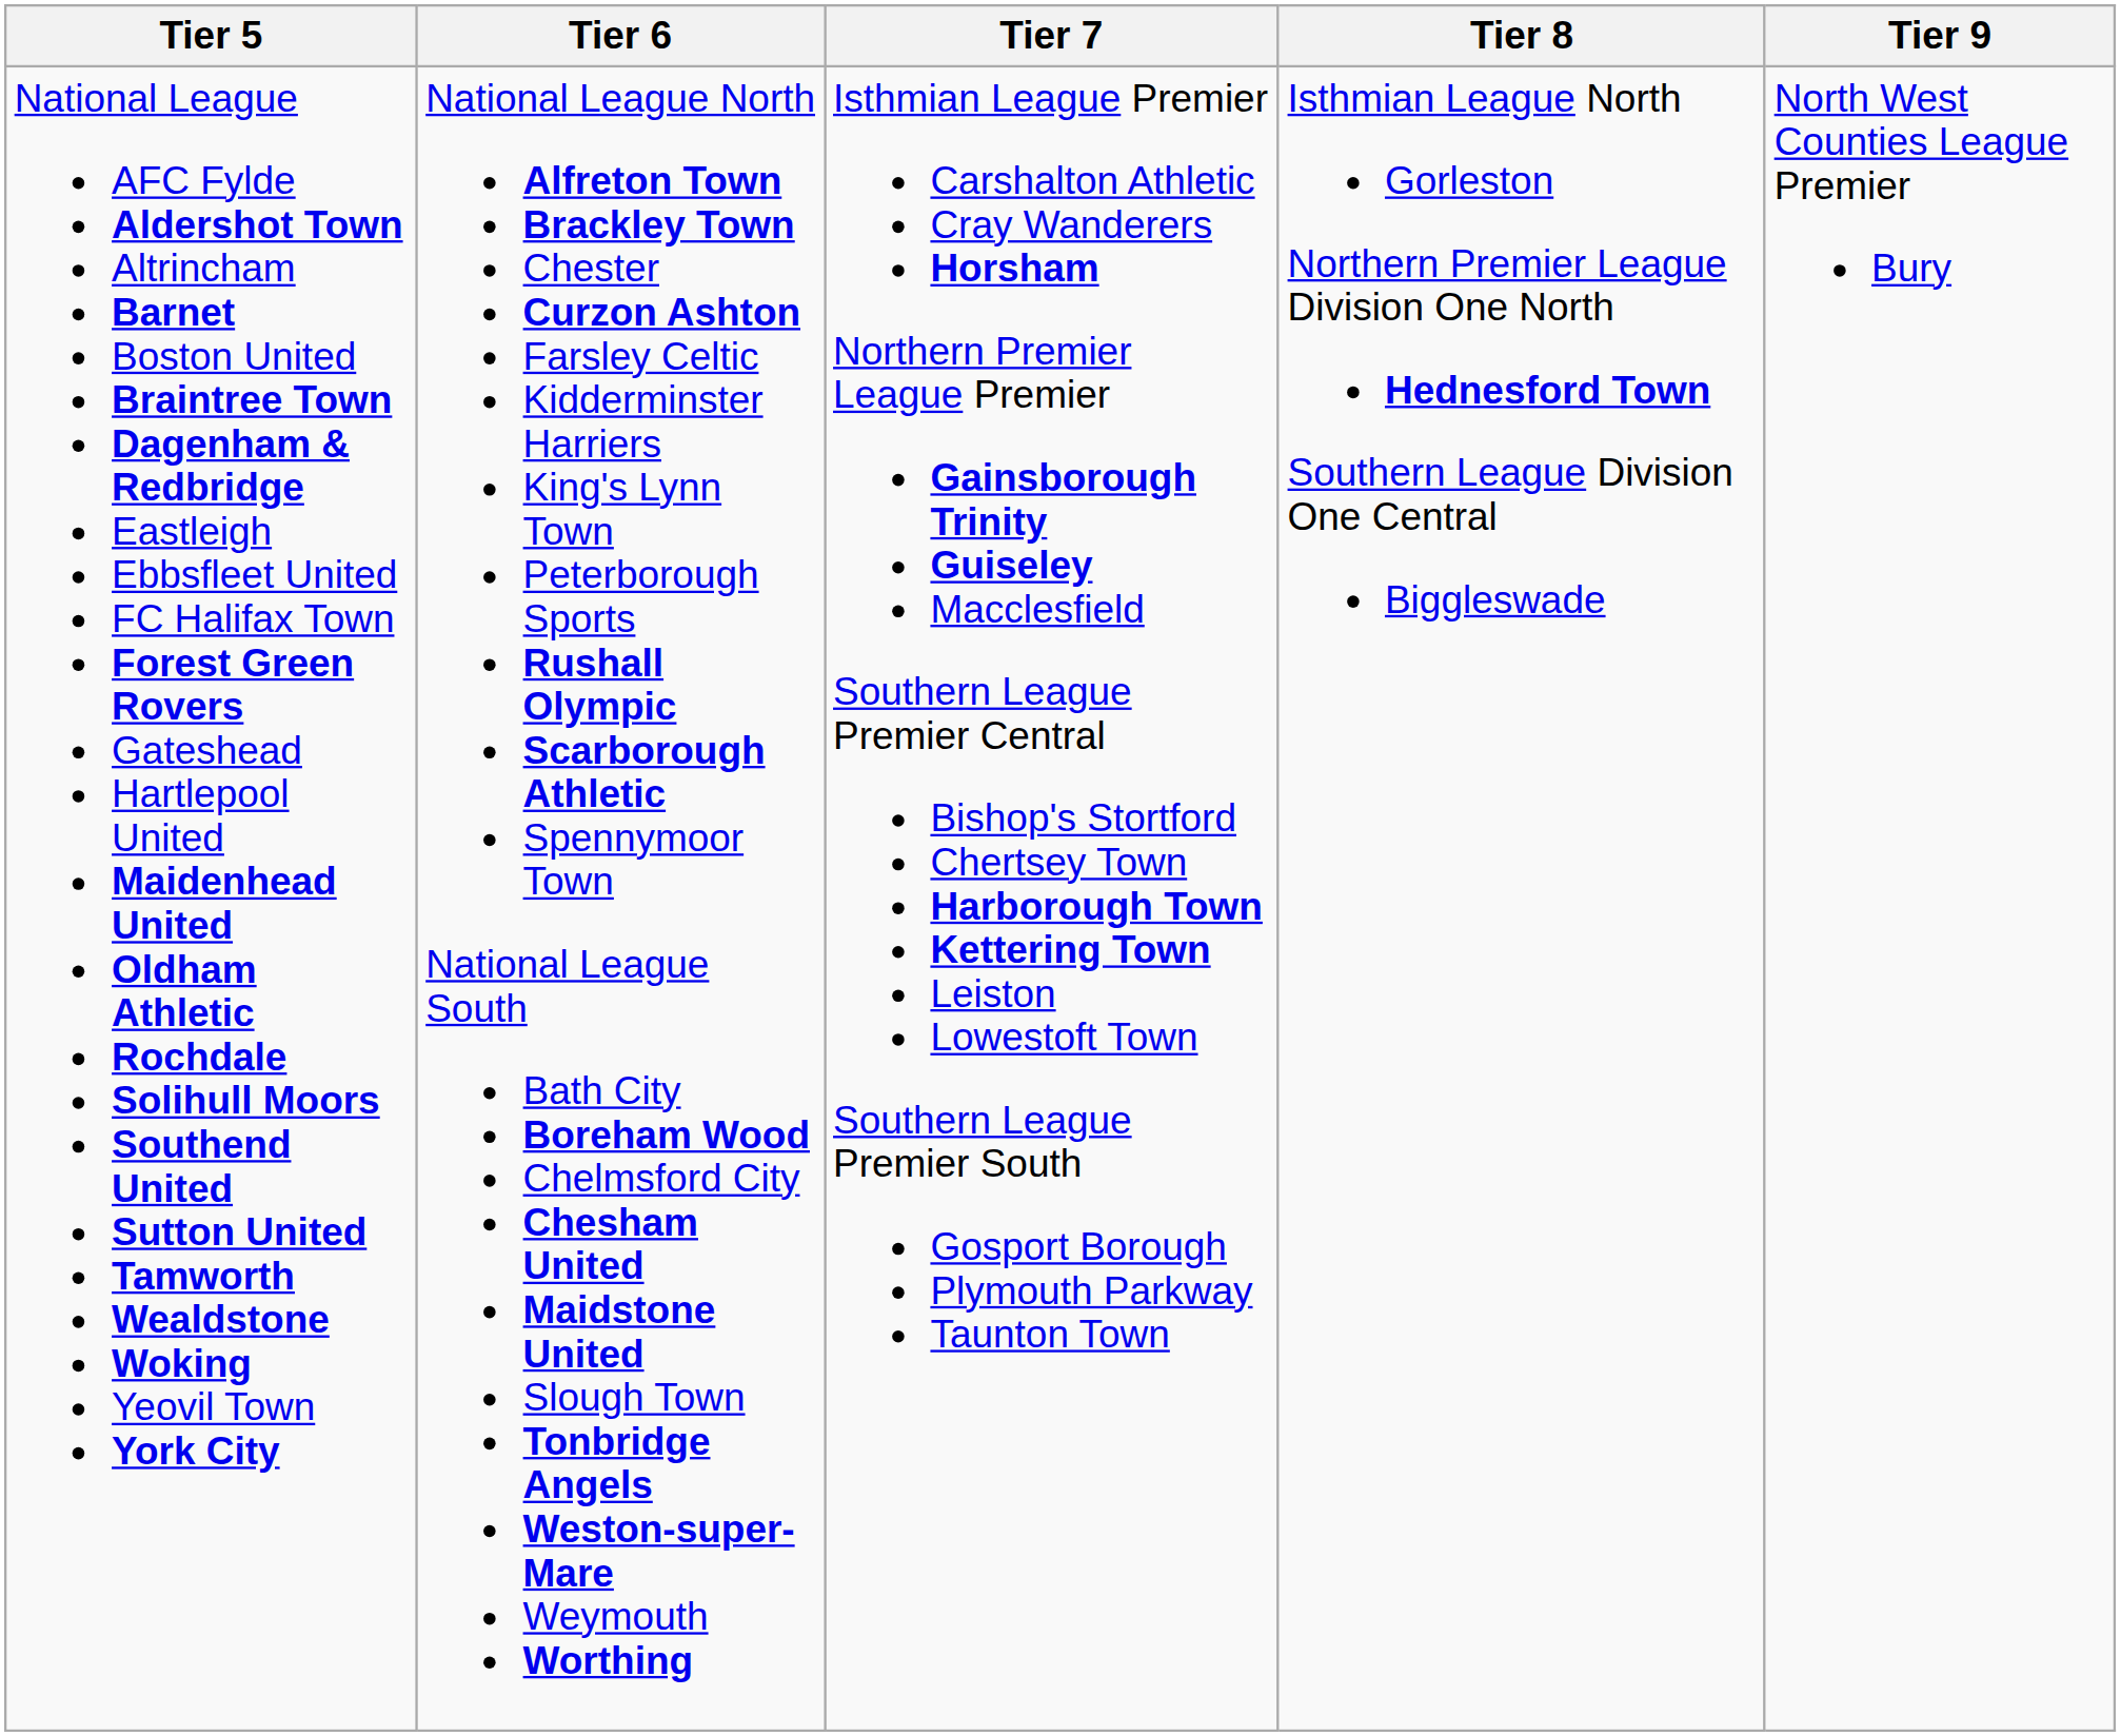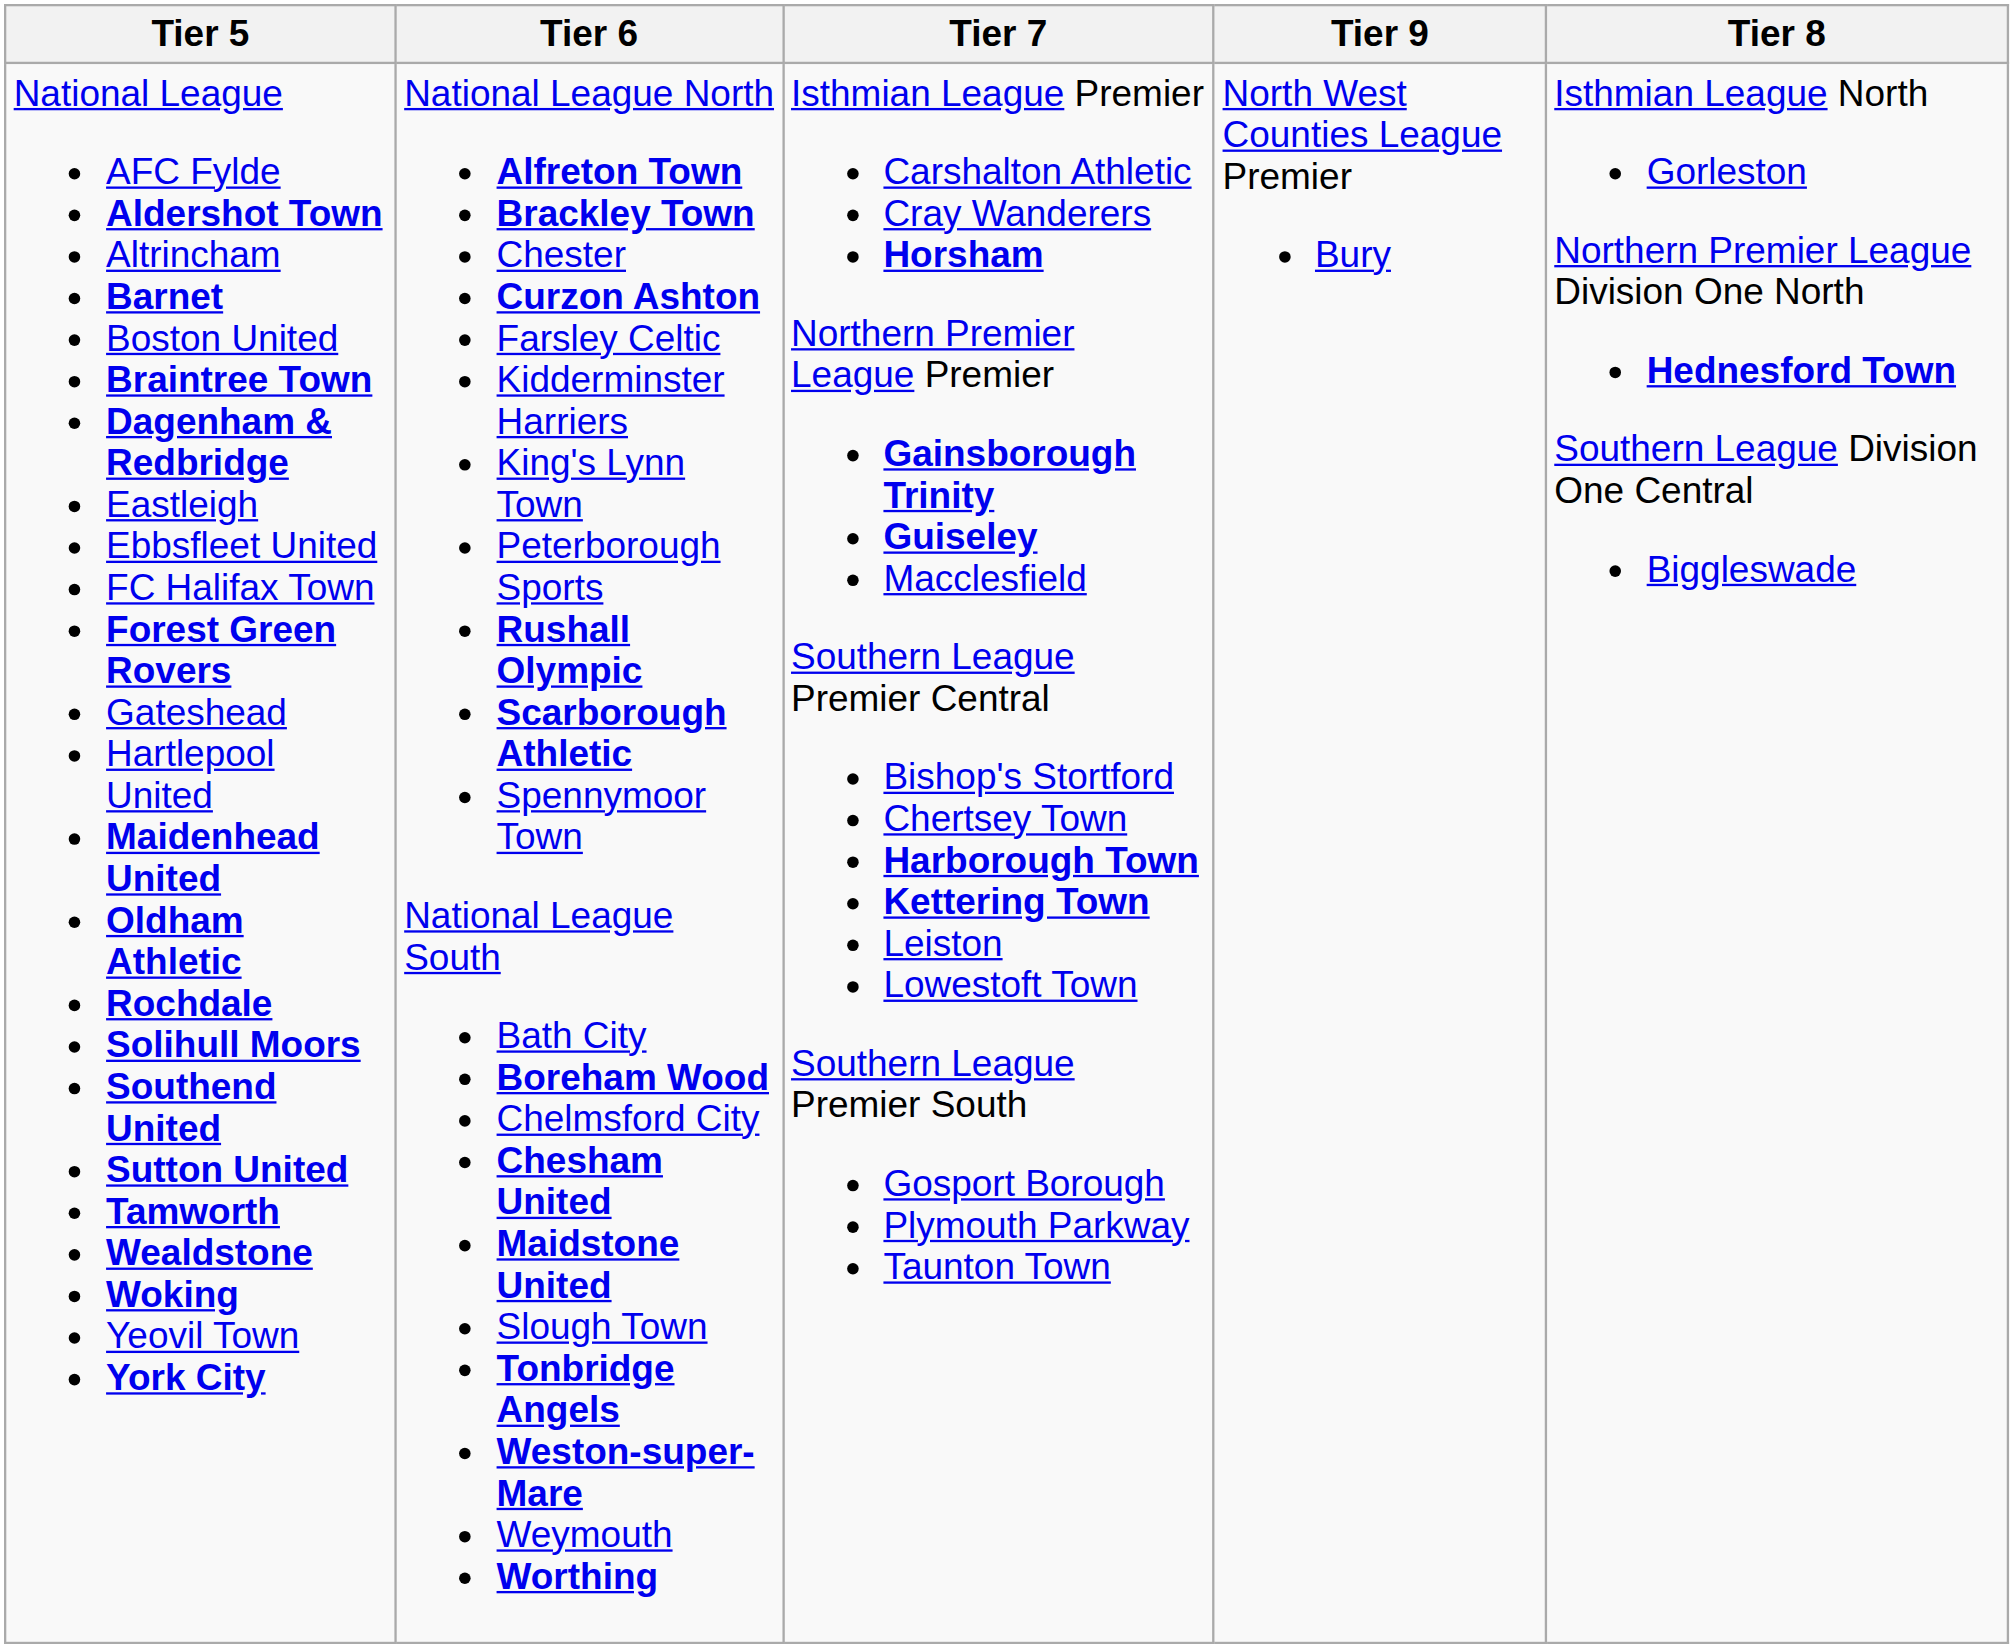 <table class="wikitable" style="text-align:left">
 <tr>
 <th>Tier 5</th>
 <th>Tier 6</th>
 <th>Tier 7</th>
+<th>Tier 9</th>
 <th>Tier 8</th>
-<th>Tier 9</th>
 </tr>
 <tr>
 <td valign="top"><a href='#'>National League</a><br><ul><li><a href='#'>AFC Fylde</a></li><li><strong><a href='#'>Aldershot Town</a></strong></li><li><a href='#'>Altrincham</a></li><li><strong><a href='#'>Barnet</a></strong></li><li><a href='#'>Boston United</a></li><li><strong><a href='#'>Braintree Town</a></strong></li><li><strong><a href='#'>Dagenham & Redbridge</a></strong></li><li><a href='#'>Eastleigh</a></li><li><a href='#'>Ebbsfleet United</a></li><li><a href='#'>FC Halifax Town</a></li><li><strong><a href='#'>Forest Green Rovers</a></strong></li><li><a href='#'>Gateshead</a></li><li><a href='#'>Hartlepool United</a></li><li><strong><a href='#'>Maidenhead United</a></strong></li><li><strong><a href='#'>Oldham Athletic</a></strong></li><li><strong><a href='#'>Rochdale</a></strong></li><li><strong><a href='#'>Solihull Moors</a></strong></li><li><strong><a href='#'>Southend United</a></strong></li><li><strong><a href='#'>Sutton United</a></strong></li><li><strong><a href='#'>Tamworth</a></strong></li><li><strong><a href='#'>Wealdstone</a></strong></li><li><strong><a href='#'>Woking</a></strong></li><li><a href='#'>Yeovil Town</a></li><li><strong><a href='#'>York City</a></strong></li></ul></td>
 <td valign="top"><a href='#'>National League North</a><br><ul><li><strong><a href='#'>Alfreton Town</a></strong></li><li><strong><a href='#'>Brackley Town</a></strong></li><li><a href='#'>Chester</a></li><li><strong><a href='#'>Curzon Ashton</a></strong></li><li><a href='#'>Farsley Celtic</a></li><li><a href='#'>Kidderminster Harriers</a></li><li><a href='#'>King's Lynn Town</a></li><li><a href='#'>Peterborough Sports</a></li><li><strong><a href='#'>Rushall Olympic</a></strong></li><li><strong><a href='#'>Scarborough Athletic</a></strong></li><li><a href='#'>Spennymoor Town</a></li></ul><a href='#'>National League South</a><ul><li><a href='#'>Bath City</a></li><li><strong><a href='#'>Boreham Wood</a></strong></li><li><a href='#'>Chelmsford City</a></li><li><strong><a href='#'>Chesham United</a></strong></li><li><strong><a href='#'>Maidstone United</a></strong></li><li><a href='#'>Slough Town</a></li><li><strong><a href='#'>Tonbridge Angels</a></strong></li><li><strong><a href='#'>Weston-super-Mare</a></strong></li><li><a href='#'>Weymouth</a></li><li><strong><a href='#'>Worthing</a></strong></li></ul></td>
 <td valign="top"><a href='#'>Isthmian League</a> Premier<br><ul><li><a href='#'>Carshalton Athletic</a></li><li><a href='#'>Cray Wanderers</a></li><li><strong><a href='#'>Horsham</a></strong></li></ul><a href='#'>Northern Premier League</a> Premier<ul><li><strong><a href='#'>Gainsborough Trinity</a></strong></li><li><strong><a href='#'>Guiseley</a></strong></li><li><a href='#'>Macclesfield</a></li></ul><a href='#'>Southern League</a> Premier Central<ul><li><a href='#'>Bishop's Stortford</a></li><li><a href='#'>Chertsey Town</a></li><li><strong><a href='#'>Harborough Town</a></strong></li><li><strong><a href='#'>Kettering Town</a></strong></li><li><a href='#'>Leiston</a></li><li><a href='#'>Lowestoft Town</a></li></ul><a href='#'>Southern League</a> Premier South<ul><li><a href='#'>Gosport Borough</a></li><li><a href='#'>Plymouth Parkway</a></li><li><a href='#'>Taunton Town</a></li></ul></td>
+<td valign="top"><a href='#'>North West Counties League</a> Premier<br><ul><li><a href='#'>Bury</a></li></ul></td>
 <td valign="top"><a href='#'>Isthmian League</a> North<br><ul><li><a href='#'>Gorleston</a></li></ul><a href='#'>Northern Premier League</a> Division One North<ul><li><strong><a href='#'>Hednesford Town</a></strong></li></ul><a href='#'>Southern League</a> Division One Central<ul><li><a href='#'>Biggleswade</a></li></ul></td>
-<td valign="top"><a href='#'>North West Counties League</a> Premier<br><ul><li><a href='#'>Bury</a></li></ul></td>
 </tr>
 </table>
